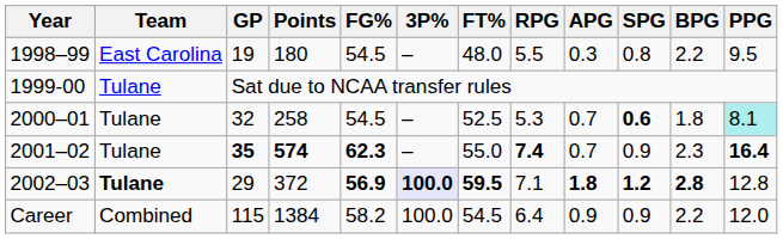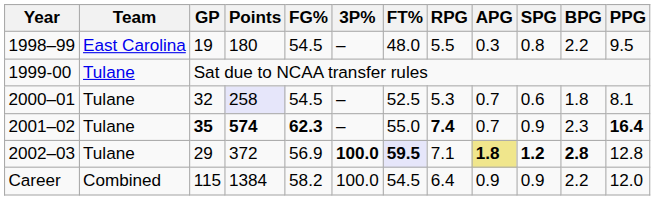 <table class="wikitable">
 <tr>
 <th>Year</th>
 <th>Team</th>
 <th>GP</th>
 <th>Points</th>
 <th>FG%</th>
 <th>3P%</th>
 <th>FT%</th>
 <th>RPG</th>
 <th>APG</th>
 <th>SPG</th>
 <th>BPG</th>
 <th>PPG</th>
 </tr>
 <tr>
 <td>1998–99</td>
 <td><a href='#'>East Carolina</a></td>
 <td>19</td>
 <td>180</td>
 <td>54.5</td>
 <td>–</td>
 <td>48.0</td>
 <td>5.5</td>
 <td>0.3</td>
 <td>0.8</td>
 <td>2.2</td>
 <td>9.5</td>
 </tr>
 <tr>
 <td>1999-00</td>
 <td><a href='#'>Tulane</a></td>
 <td colspan="10">Sat due to NCAA transfer rules</td>
 </tr>
 <tr>
 <td>2000–01</td>
 <td>Tulane</td>
 <td>32</td>
-<td>258</td>
+<td style="background: lavender;">258</td>
 <td>54.5</td>
 <td>–</td>
 <td>52.5</td>
 <td>5.3</td>
 <td>0.7</td>
-<td><strong>0.6</strong></td>
+<td>0.6</td>
 <td>1.8</td>
-<td style="background: paleturquoise;">8.1</td>
+<td>8.1</td>
 </tr>
 <tr>
 <td>2001–02</td>
 <td>Tulane</td>
 <td><strong>35</strong></td>
 <td><strong>574</strong></td>
 <td><strong>62.3</strong></td>
 <td>–</td>
 <td>55.0</td>
 <td><strong>7.4</strong></td>
 <td>0.7</td>
 <td>0.9</td>
 <td>2.3</td>
 <td><strong>16.4</strong></td>
 </tr>
 <tr>
 <td>2002–03</td>
-<td><strong>Tulane</strong></td>
+<td>Tulane</td>
 <td>29</td>
 <td>372</td>
-<td><strong>56.9</strong></td>
-<td style="background: lavender;"><strong>100.0</strong></td>
-<td><strong>59.5</strong></td>
+<td>56.9</td>
+<td><strong>100.0</strong></td>
+<td style="background: lavender;"><strong>59.5</strong></td>
 <td>7.1</td>
-<td><strong>1.8</strong></td>
+<td style="background: khaki;"><strong>1.8</strong></td>
 <td><strong>1.2</strong></td>
 <td><strong>2.8</strong></td>
 <td>12.8</td>
 </tr>
 <tr>
 <td>Career</td>
 <td>Combined</td>
 <td>115</td>
 <td>1384</td>
 <td>58.2</td>
 <td>100.0</td>
 <td>54.5</td>
 <td>6.4</td>
 <td>0.9</td>
 <td>0.9</td>
 <td>2.2</td>
 <td>12.0</td>
 </tr>
 </table>
